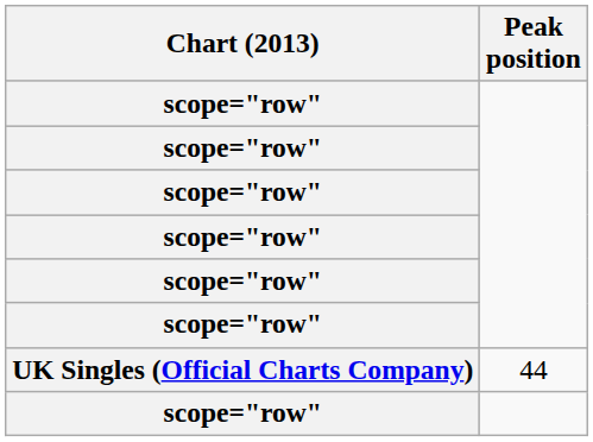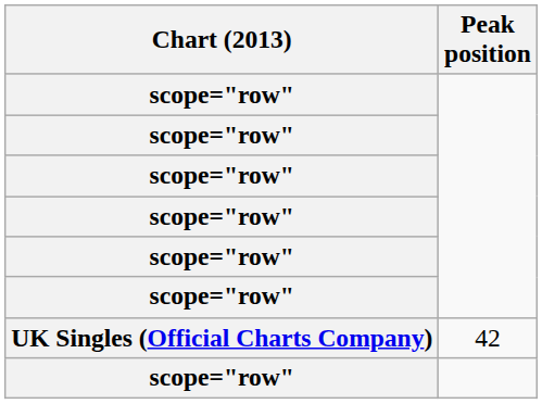 <table class="wikitable plainrowheaders sortable" style="text-align: center;">
 <tr>
 <th>Chart (2013)</th>
 <th>Peak<br>position</th>
 </tr>
 <tr>
 <th>scope="row" </th>
 </tr>
 <tr>
 <th>scope="row" </th>
 </tr>
 <tr>
 <th>scope="row" </th>
 </tr>
 <tr>
 <th>scope="row" </th>
 </tr>
 <tr>
 <th>scope="row" </th>
 </tr>
 <tr>
 <th>scope="row" </th>
 </tr>
 <tr>
 <th scope="row">UK Singles (<a href='#'>Official Charts Company</a>)</th>
-<td>44</td>
+<td>42</td>
 </tr>
 <tr>
 <th>scope="row" </th>
 </tr>
 </table>
